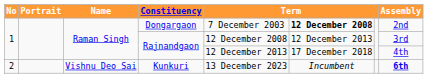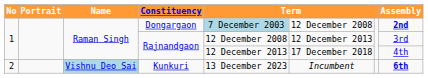 <table class="wikitable">
 <tr>
 <th style="background-color:#FF9933; color:white">No</th>
 <th style="background-color:#FF9933; color:white">Portrait</th>
 <th style="background-color:#FF9933; color:white">Name</th>
 <th style="background-color:#FF9933; color:white"><a href='#'>Constituency</a></th>
 <th colspan="3" style="background-color:#FF9933; color:white">Term</th>
 <th style="background-color:#FF9933; color:white">Assembly</th>
 </tr>
 <tr style="text-align:center;">
 <td rowspan="3">1</td>
 <td rowspan="3"></td>
 <td rowspan="3"><a href='#'>Raman Singh</a></td>
 <td><a href='#'>Dongargaon</a></td>
-<td>7 December 2003</td>
-<td><strong>12 December 2008</strong></td>
+<td style="background: lightblue;">7 December 2003</td>
+<td>12 December 2008</td>
 <td rowspan="3"></td>
-<td><a href='#'>2nd</a></td>
+<td><strong><a href='#'>2nd</a></strong></td>
 </tr>
 <tr style="text-align:center;">
 <td rowspan="2"><a href='#'>Rajnandgaon</a></td>
 <td>12 December 2008</td>
 <td>12 December 2013</td>
 <td><a href='#'>3rd</a></td>
 </tr>
 <tr style="text-align:center;">
 <td>12 December 2013</td>
 <td>17 December 2018</td>
 <td><a href='#'>4th</a></td>
 </tr>
 <tr style="text-align:center;">
 <td>2</td>
 <td></td>
-<td><a href='#'>Vishnu Deo Sai</a></td>
+<td style="background: lightblue;"><a href='#'>Vishnu Deo Sai</a></td>
 <td><a href='#'>Kunkuri</a></td>
 <td>13 December 2023</td>
 <td><em>Incumbent</em></td>
 <td></td>
 <td><strong><a href='#'>6th</a></strong></td>
 </tr>
 </table>
